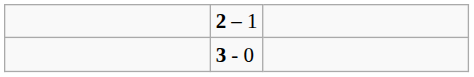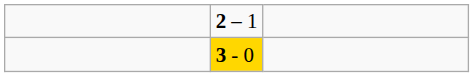 <table class="wikitable">
 <tr>
 <td width=150></td>
 <td><strong>2</strong> – 1</td>
 <td width=150></td>
 </tr>
 <tr>
 <td></td>
-<td><strong>3</strong> - 0</td>
+<td style="background: gold;"><strong>3</strong> - 0</td>
 <td></td>
 </tr>
 </table>
